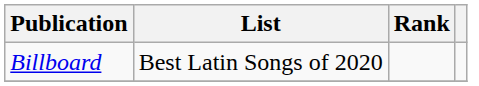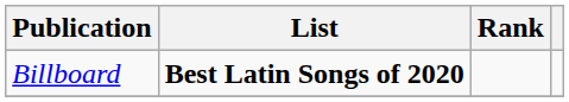 <table class="sortable wikitable">
 <tr>
 <th>Publication</th>
 <th>List</th>
 <th>Rank</th>
 <th class="unsortable"></th>
 </tr>
 <tr>
 <td><em><a href='#'>Billboard</a></em></td>
-<td>Best Latin Songs of 2020</td>
+<td><strong>Best Latin Songs of 2020</strong></td>
 <td></td>
 <td style="text-align:center;"></td>
 </tr>
 <tr>
 </tr>
 </table>
